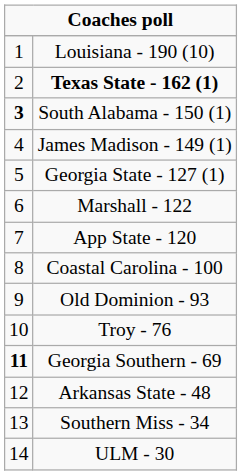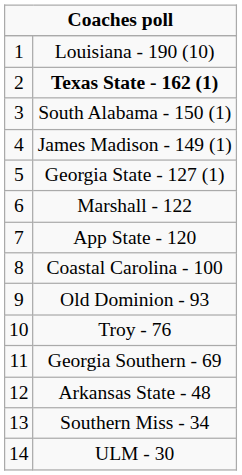 <table class="wikitable" style="display: inline-table;">
 <tr>
 <td align="center" Colspan="3"><strong>Coaches poll</strong></td>
 </tr>
 <tr align="center">
 </tr>
 <tr align="center">
 <td>1</td>
 <td>Louisiana - 190 (10)</td>
 </tr>
 <tr align="center">
 <td>2</td>
 <td><strong>Texas State - 162 (1)</strong></td>
 </tr>
 <tr align="center">
-<td><strong>3</strong></td>
+<td>3</td>
 <td>South Alabama - 150 (1)</td>
 </tr>
 <tr align="center">
 <td>4</td>
 <td>James Madison - 149 (1)</td>
 </tr>
 <tr align="center">
 <td>5</td>
 <td>Georgia State - 127 (1)</td>
 </tr>
 <tr align="center">
 <td>6</td>
 <td>Marshall - 122</td>
 </tr>
 <tr align="center">
 <td>7</td>
 <td>App State - 120</td>
 </tr>
 <tr align="center">
 <td>8</td>
 <td>Coastal Carolina - 100</td>
 </tr>
 <tr align="center">
 <td>9</td>
 <td>Old Dominion - 93</td>
 </tr>
 <tr align="center">
 <td>10</td>
 <td>Troy - 76</td>
 </tr>
 <tr align="center">
-<td><strong>11</strong></td>
+<td>11</td>
 <td>Georgia Southern - 69</td>
 </tr>
 <tr align="center">
 <td>12</td>
 <td>Arkansas State - 48</td>
 </tr>
 <tr align="center">
 <td>13</td>
 <td>Southern Miss - 34</td>
 </tr>
 <tr align="center">
 <td>14</td>
 <td>ULM - 30</td>
 </tr>
 </table>
